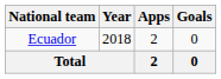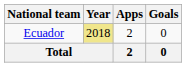 <table class="wikitable" style="text-align: center">
 <tr>
 <th>National team</th>
 <th>Year</th>
 <th>Apps</th>
 <th>Goals</th>
 </tr>
 <tr>
 <td><a href='#'>Ecuador</a></td>
-<td>2018</td>
+<td style="background: khaki;">2018</td>
 <td>2</td>
 <td>0</td>
 </tr>
 <tr>
 <th colspan="2">Total</th>
 <th>2</th>
 <th>0</th>
 </tr>
 </table>
